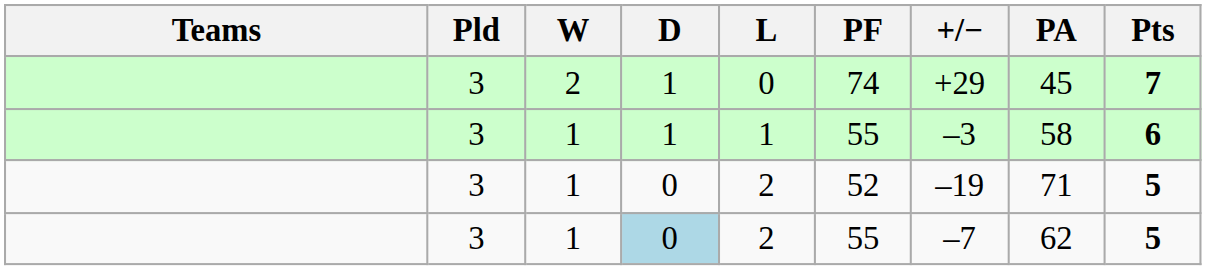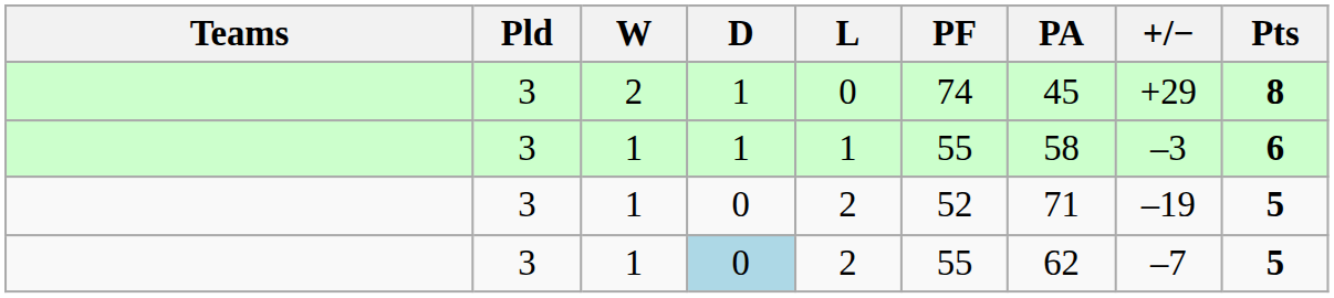 <table class="wikitable" style="text-align: center;">
 <tr>
 <th width="200">Teams</th>
 <th width="40">Pld</th>
 <th width="40">W</th>
 <th width="40">D</th>
 <th width="40">L</th>
 <th width="40">PF</th>
+<th width="40">PA</th>
 <th width="40">+/−</th>
-<th width="40">PA</th>
 <th width="40">Pts</th>
 </tr>
 <tr bgcolor=ccffcc>
 <td align=left></td>
 <td>3</td>
 <td>2</td>
 <td>1</td>
 <td>0</td>
 <td>74</td>
+<td>45</td>
 <td>+29</td>
-<td>45</td>
-<td><strong>7</strong></td>
+<td><strong>8</strong></td>
 </tr>
 <tr bgcolor=ccffcc>
 <td align=left></td>
 <td>3</td>
 <td>1</td>
 <td>1</td>
 <td>1</td>
 <td>55</td>
+<td>58</td>
 <td>–3</td>
-<td>58</td>
 <td><strong>6</strong></td>
 </tr>
 <tr>
 <td align=left></td>
 <td>3</td>
 <td>1</td>
 <td>0</td>
 <td>2</td>
 <td>52</td>
+<td>71</td>
 <td>–19</td>
-<td>71</td>
 <td><strong>5</strong></td>
 </tr>
 <tr>
 <td align=left></td>
 <td>3</td>
 <td>1</td>
 <td style="background: lightblue;">0</td>
 <td>2</td>
 <td>55</td>
+<td>62</td>
 <td>–7</td>
-<td>62</td>
 <td><strong>5</strong></td>
 </tr>
 </table>
